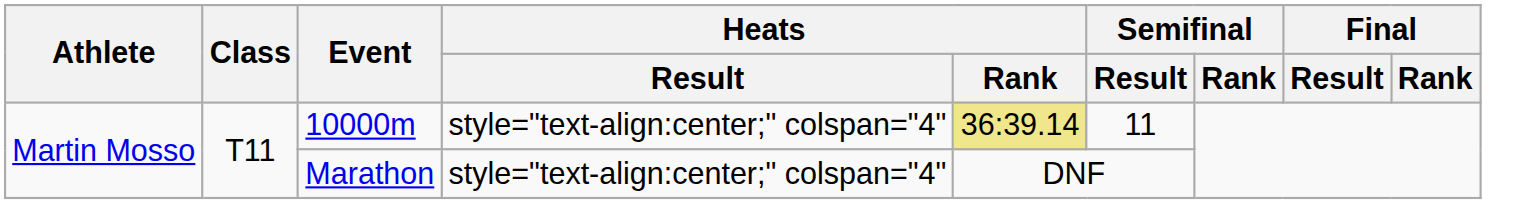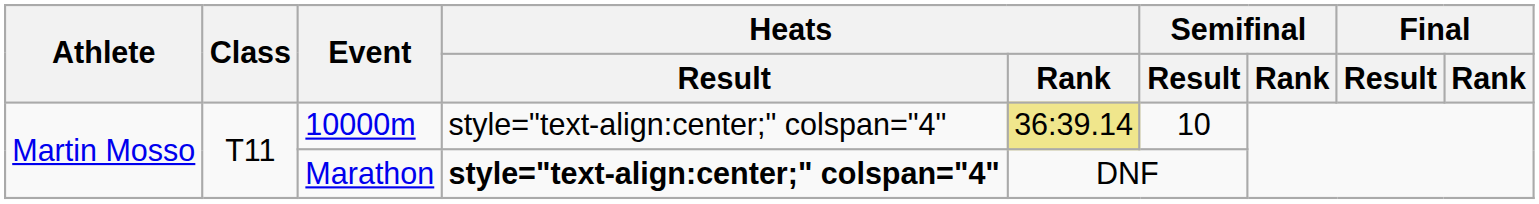 <table class=wikitable style="font-size:90%">
 <tr>
 <th rowspan="2">Athlete</th>
 <th rowspan="2">Class</th>
 <th rowspan="2">Event</th>
 <th colspan="2">Heats</th>
 <th colspan="2">Semifinal</th>
 <th colspan="2">Final</th>
 </tr>
 <tr>
 <th>Result</th>
 <th>Rank</th>
 <th>Result</th>
 <th>Rank</th>
 <th>Result</th>
 <th>Rank</th>
 </tr>
 <tr>
 <td rowspan="2"><a href='#'>Martin Mosso</a></td>
 <td rowspan="2" style="text-align:center;">T11</td>
 <td><a href='#'>10000m</a></td>
 <td>style="text-align:center;" colspan="4" </td>
 <td style="background: khaki; text-align:center;">36:39.14</td>
-<td style="text-align:center;">11</td>
+<td style="text-align:center;">10</td>
 </tr>
 <tr>
 <td><a href='#'>Marathon</a></td>
-<td>style="text-align:center;" colspan="4" </td>
+<td><strong>style="text-align:center;" colspan="4" </strong></td>
 <td style="text-align:center;" colspan="2">DNF</td>
 </tr>
 </table>
